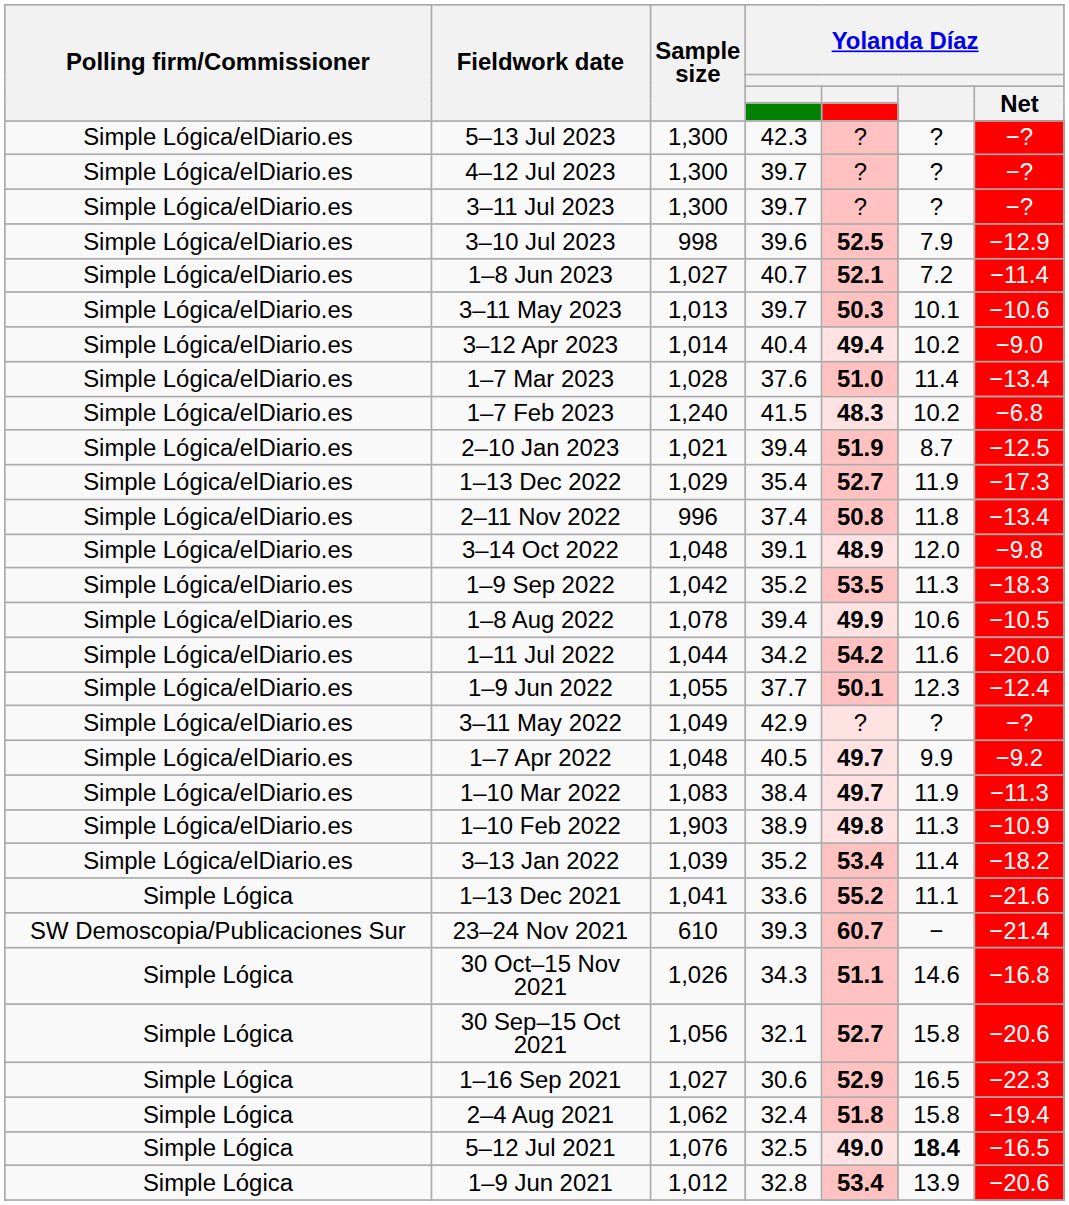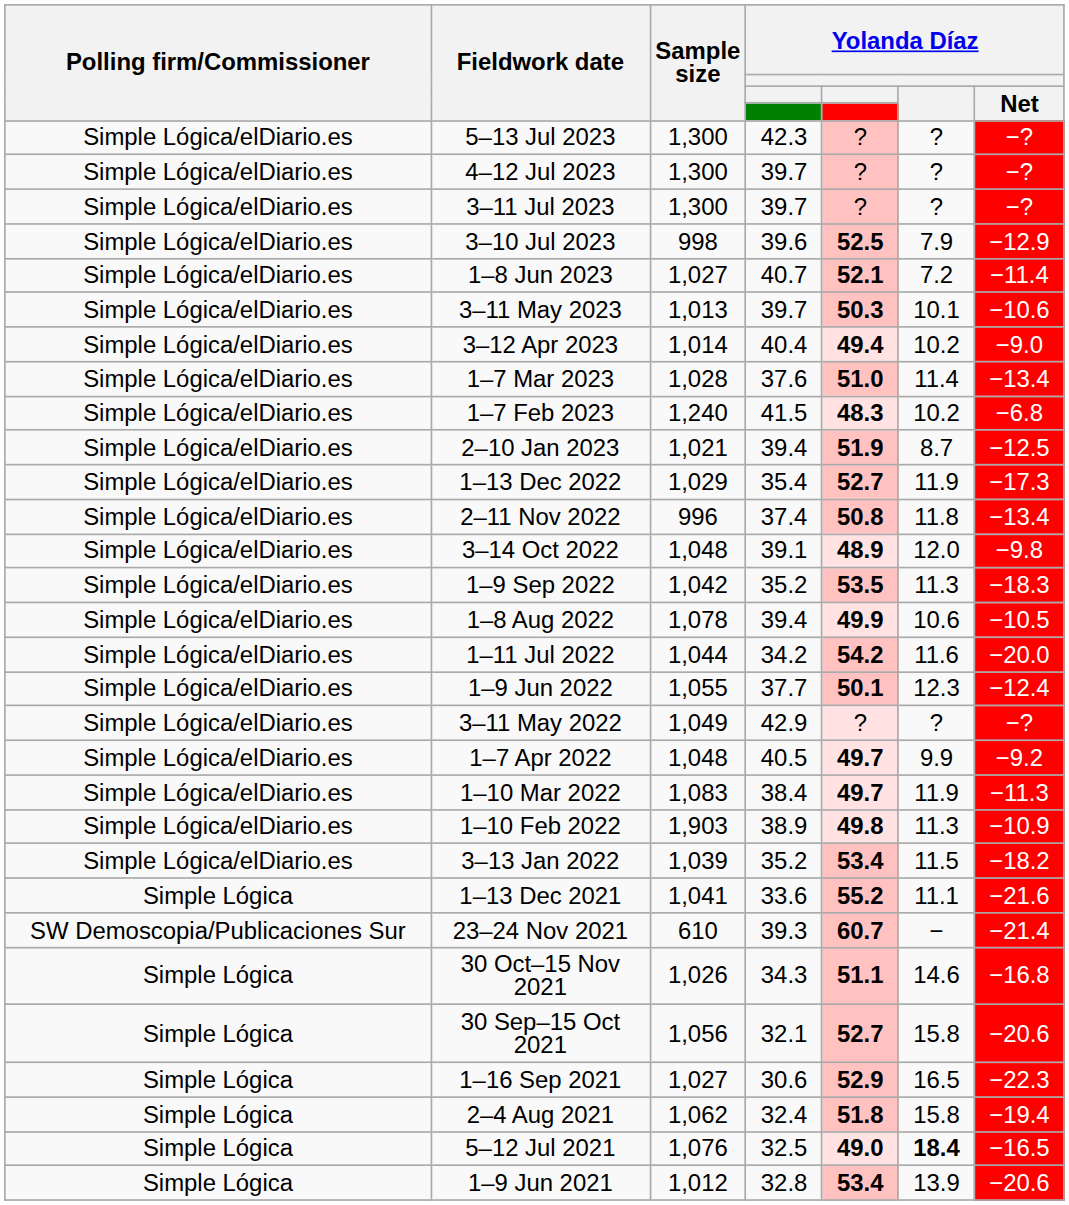 <table class="wikitable collapsible collapsed" style="text-align:center; font-size:90%; line-height:14px;">
 <tr style="height:42px;">
 <th style="width:250px;" rowspan="4">Polling firm/Commissioner</th>
 <th style="width:125px;" rowspan="4">Fieldwork date</th>
 <th style="width:50px;" rowspan="4">Sample size</th>
 <th style="width:185px;" colspan="4"><a href='#'>Yolanda Díaz</a><br></th>
 </tr>
 <tr>
 <th colspan="4" style="background:"></th>
 </tr>
 <tr>
 <th style="width:30px;"></th>
 <th style="width:30px;"></th>
 <th style="width:30px;" rowspan="2"></th>
 <th style="width:30px;" rowspan="2">Net</th>
 </tr>
 <tr>
 <th style="color:inherit;background:#008000;"></th>
 <th style="color:inherit;background:#FF0000;"></th>
 </tr>
 <tr>
 <td>Simple Lógica/elDiario.es</td>
 <td>5–13 Jul 2023</td>
 <td>1,300</td>
 <td>42.3</td>
 <td style="background:#FFC2C1;">?</td>
 <td>?</td>
 <td style="background:#FF0000; color:white;">−?</td>
 </tr>
 <tr>
 <td>Simple Lógica/elDiario.es</td>
 <td>4–12 Jul 2023</td>
 <td>1,300</td>
 <td>39.7</td>
 <td style="background:#FFC2C1;">?</td>
 <td>?</td>
 <td style="background:#FF0000; color:white;">−?</td>
 </tr>
 <tr>
 <td>Simple Lógica/elDiario.es</td>
 <td>3–11 Jul 2023</td>
 <td>1,300</td>
 <td>39.7</td>
 <td style="background:#FFC2C1;">?</td>
 <td>?</td>
 <td style="background:#FF0000; color:white;">−?</td>
 </tr>
 <tr>
 <td>Simple Lógica/elDiario.es</td>
 <td>3–10 Jul 2023</td>
 <td>998</td>
 <td>39.6</td>
 <td style="background:#FFC2C1;"><strong>52.5</strong></td>
 <td>7.9</td>
 <td style="background:#FF0000; color:white;">−12.9</td>
 </tr>
 <tr>
 <td>Simple Lógica/elDiario.es</td>
 <td>1–8 Jun 2023</td>
 <td>1,027</td>
 <td>40.7</td>
 <td style="background:#FFC2C1;"><strong>52.1</strong></td>
 <td>7.2</td>
 <td style="background:#FF0000; color:white;">−11.4</td>
 </tr>
 <tr>
 <td>Simple Lógica/elDiario.es</td>
 <td>3–11 May 2023</td>
 <td>1,013</td>
 <td>39.7</td>
 <td style="background:#FFC2C1;"><strong>50.3</strong></td>
 <td>10.1</td>
 <td style="background:#FF0000; color:white;">−10.6</td>
 </tr>
 <tr>
 <td>Simple Lógica/elDiario.es</td>
 <td>3–12 Apr 2023</td>
 <td>1,014</td>
 <td>40.4</td>
 <td style="background:#FFE2E1;"><strong>49.4</strong></td>
 <td>10.2</td>
 <td style="background:#FF0000; color:white;">−9.0</td>
 </tr>
 <tr>
 <td>Simple Lógica/elDiario.es</td>
 <td>1–7 Mar 2023</td>
 <td>1,028</td>
 <td>37.6</td>
 <td style="background:#FFC2C1;"><strong>51.0</strong></td>
 <td>11.4</td>
 <td style="background:#FF0000; color:white;">−13.4</td>
 </tr>
 <tr>
 <td>Simple Lógica/elDiario.es</td>
 <td>1–7 Feb 2023</td>
 <td>1,240</td>
 <td>41.5</td>
 <td style="background:#FFE2E1;"><strong>48.3</strong></td>
 <td>10.2</td>
 <td style="background:#FF0000; color:white;">−6.8</td>
 </tr>
 <tr>
 <td>Simple Lógica/elDiario.es</td>
 <td>2–10 Jan 2023</td>
 <td>1,021</td>
 <td>39.4</td>
 <td style="background:#FFC2C1;"><strong>51.9</strong></td>
 <td>8.7</td>
 <td style="background:#FF0000; color:white;">−12.5</td>
 </tr>
 <tr>
 <td>Simple Lógica/elDiario.es</td>
 <td>1–13 Dec 2022</td>
 <td>1,029</td>
 <td>35.4</td>
 <td style="background:#FFC2C1;"><strong>52.7</strong></td>
 <td>11.9</td>
 <td style="background:#FF0000; color:white;">−17.3</td>
 </tr>
 <tr>
 <td>Simple Lógica/elDiario.es</td>
 <td>2–11 Nov 2022</td>
 <td>996</td>
 <td>37.4</td>
 <td style="background:#FFC2C1;"><strong>50.8</strong></td>
 <td>11.8</td>
 <td style="background:#FF0000; color:white;">−13.4</td>
 </tr>
 <tr>
 <td>Simple Lógica/elDiario.es</td>
 <td>3–14 Oct 2022</td>
 <td>1,048</td>
 <td>39.1</td>
 <td style="background:#FFE2E1;"><strong>48.9</strong></td>
 <td>12.0</td>
 <td style="background:#FF0000; color:white;">−9.8</td>
 </tr>
 <tr>
 <td>Simple Lógica/elDiario.es</td>
 <td>1–9 Sep 2022</td>
 <td>1,042</td>
 <td>35.2</td>
 <td style="background:#FFC2C1;"><strong>53.5</strong></td>
 <td>11.3</td>
 <td style="background:#FF0000; color:white;">−18.3</td>
 </tr>
 <tr>
 <td>Simple Lógica/elDiario.es</td>
 <td>1–8 Aug 2022</td>
 <td>1,078</td>
 <td>39.4</td>
 <td style="background:#FFE2E1;"><strong>49.9</strong></td>
 <td>10.6</td>
 <td style="background:#FF0000; color:white;">−10.5</td>
 </tr>
 <tr>
 <td>Simple Lógica/elDiario.es</td>
 <td>1–11 Jul 2022</td>
 <td>1,044</td>
 <td>34.2</td>
 <td style="background:#FFC2C1;"><strong>54.2</strong></td>
 <td>11.6</td>
 <td style="background:#FF0000; color:white;">−20.0</td>
 </tr>
 <tr>
 <td>Simple Lógica/elDiario.es</td>
 <td>1–9 Jun 2022</td>
 <td>1,055</td>
 <td>37.7</td>
 <td style="background:#FFC2C1;"><strong>50.1</strong></td>
 <td>12.3</td>
 <td style="background:#FF0000; color:white;">−12.4</td>
 </tr>
 <tr>
 <td>Simple Lógica/elDiario.es</td>
 <td>3–11 May 2022</td>
 <td>1,049</td>
 <td>42.9</td>
 <td style="background:#FFE2E1;">?</td>
 <td>?</td>
 <td style="background:#FF0000; color:white;">−?</td>
 </tr>
 <tr>
 <td>Simple Lógica/elDiario.es</td>
 <td>1–7 Apr 2022</td>
 <td>1,048</td>
 <td>40.5</td>
 <td style="background:#FFE2E1;"><strong>49.7</strong></td>
 <td>9.9</td>
 <td style="background:#FF0000; color:white;">−9.2</td>
 </tr>
 <tr>
 <td>Simple Lógica/elDiario.es</td>
 <td>1–10 Mar 2022</td>
 <td>1,083</td>
 <td>38.4</td>
 <td style="background:#FFE2E1;"><strong>49.7</strong></td>
 <td>11.9</td>
 <td style="background:#FF0000; color:white;">−11.3</td>
 </tr>
 <tr>
 <td>Simple Lógica/elDiario.es</td>
 <td>1–10 Feb 2022</td>
 <td>1,903</td>
 <td>38.9</td>
 <td style="background:#FFE2E1;"><strong>49.8</strong></td>
 <td>11.3</td>
 <td style="background:#FF0000; color:white;">−10.9</td>
 </tr>
 <tr>
 <td>Simple Lógica/elDiario.es</td>
 <td>3–13 Jan 2022</td>
 <td>1,039</td>
 <td>35.2</td>
 <td style="background:#FFC2C1;"><strong>53.4</strong></td>
-<td>11.4</td>
+<td>11.5</td>
 <td style="background:#FF0000; color:white;">−18.2</td>
 </tr>
 <tr>
 <td>Simple Lógica</td>
 <td>1–13 Dec 2021</td>
 <td>1,041</td>
 <td>33.6</td>
 <td style="background:#FFC2C1;"><strong>55.2</strong></td>
 <td>11.1</td>
 <td style="background:#FF0000; color:white;">−21.6</td>
 </tr>
 <tr>
 <td>SW Demoscopia/Publicaciones Sur</td>
 <td>23–24 Nov 2021</td>
 <td>610</td>
 <td>39.3</td>
 <td style="background:#FFC2C1;"><strong>60.7</strong></td>
 <td>−</td>
 <td style="background:#FF0000; color:white;">−21.4</td>
 </tr>
 <tr>
 <td>Simple Lógica</td>
 <td>30 Oct–15 Nov 2021</td>
 <td>1,026</td>
 <td>34.3</td>
 <td style="background:#FFC2C1;"><strong>51.1</strong></td>
 <td>14.6</td>
 <td style="background:#FF0000; color:white;">−16.8</td>
 </tr>
 <tr>
 <td>Simple Lógica</td>
 <td>30 Sep–15 Oct 2021</td>
 <td>1,056</td>
 <td>32.1</td>
 <td style="background:#FFC2C1;"><strong>52.7</strong></td>
 <td>15.8</td>
 <td style="background:#FF0000; color:white;">−20.6</td>
 </tr>
 <tr>
 <td>Simple Lógica</td>
 <td>1–16 Sep 2021</td>
 <td>1,027</td>
 <td>30.6</td>
 <td style="background:#FFC2C1;"><strong>52.9</strong></td>
 <td>16.5</td>
 <td style="background:#FF0000; color:white;">−22.3</td>
 </tr>
 <tr>
 <td>Simple Lógica</td>
 <td>2–4 Aug 2021</td>
 <td>1,062</td>
 <td>32.4</td>
 <td style="background:#FFC2C1;"><strong>51.8</strong></td>
 <td>15.8</td>
 <td style="background:#FF0000; color:white;">−19.4</td>
 </tr>
 <tr>
 <td>Simple Lógica</td>
 <td>5–12 Jul 2021</td>
 <td>1,076</td>
 <td>32.5</td>
 <td style="background:#FFE2E1;"><strong>49.0</strong></td>
 <td><strong>18.4</strong></td>
 <td style="background:#FF0000; color:white;">−16.5</td>
 </tr>
 <tr>
 <td>Simple Lógica</td>
 <td>1–9 Jun 2021</td>
 <td>1,012</td>
 <td>32.8</td>
 <td style="background:#FFC2C1;"><strong>53.4</strong></td>
 <td>13.9</td>
 <td style="background:#FF0000; color:white;">−20.6</td>
 </tr>
 </table>
